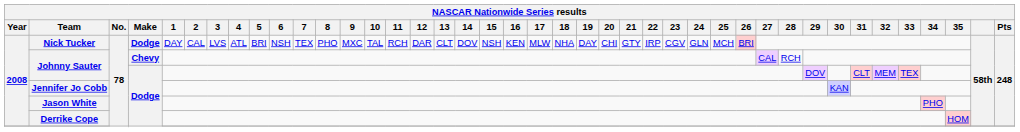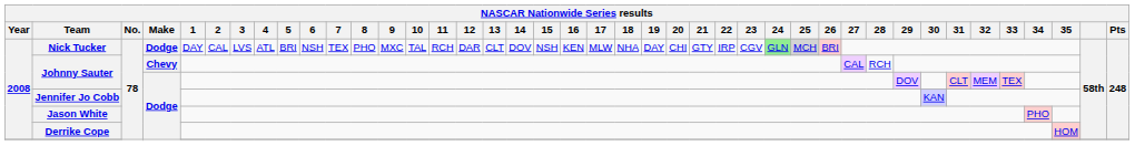 <table class="wikitable" style="text-align:center; font-size:75%">
 <tr>
 <th colspan=42><a href='#'>NASCAR Nationwide Series</a> results</th>
 </tr>
 <tr>
 <th>Year</th>
 <th>Team</th>
 <th>No.</th>
 <th>Make</th>
 <th>1</th>
 <th>2</th>
 <th>3</th>
 <th>4</th>
 <th>5</th>
 <th>6</th>
 <th>7</th>
 <th>8</th>
 <th>9</th>
 <th>10</th>
 <th>11</th>
 <th>12</th>
 <th>13</th>
 <th>14</th>
 <th>15</th>
 <th>16</th>
 <th>17</th>
 <th>18</th>
 <th>19</th>
 <th>20</th>
 <th>21</th>
 <th>22</th>
 <th>23</th>
 <th>24</th>
 <th>25</th>
 <th>26</th>
 <th>27</th>
 <th>28</th>
 <th>29</th>
 <th>30</th>
 <th>31</th>
 <th>32</th>
 <th>33</th>
 <th>34</th>
 <th>35</th>
 <th></th>
 <th>Pts</th>
 </tr>
 <tr>
 <th rowspan=6><a href='#'>2008</a></th>
 <th><a href='#'>Nick Tucker</a></th>
 <th rowspan=8>78</th>
 <th><a href='#'>Dodge</a></th>
 <td><a href='#'>DAY</a></td>
 <td><a href='#'>CAL</a></td>
 <td><a href='#'>LVS</a></td>
 <td><a href='#'>ATL</a></td>
 <td><a href='#'>BRI</a></td>
 <td><a href='#'>NSH</a></td>
 <td><a href='#'>TEX</a></td>
 <td><a href='#'>PHO</a></td>
 <td><a href='#'>MXC</a></td>
 <td><a href='#'>TAL</a></td>
 <td><a href='#'>RCH</a></td>
 <td><a href='#'>DAR</a></td>
 <td><a href='#'>CLT</a></td>
 <td><a href='#'>DOV</a></td>
 <td><a href='#'>NSH</a></td>
 <td><a href='#'>KEN</a></td>
 <td><a href='#'>MLW</a></td>
 <td><a href='#'>NHA</a></td>
 <td><a href='#'>DAY</a></td>
 <td><a href='#'>CHI</a></td>
 <td><a href='#'>GTY</a></td>
 <td><a href='#'>IRP</a></td>
 <td><a href='#'>CGV</a></td>
-<td><a href='#'>GLN</a></td>
-<td><a href='#'>MCH</a></td>
+<td style="background: lightgreen;"><a href='#'>GLN</a></td>
+<td style="background: lightgrey;"><a href='#'>MCH</a></td>
 <td style="background:#FFCFCF;"><a href='#'>BRI</a><br></td>
 <td colspan=9></td>
 <th rowspan=6>58th</th>
 <th rowspan=6>248</th>
 </tr>
 <tr>
 <th rowspan=2><a href='#'>Johnny Sauter</a></th>
 <th><a href='#'>Chevy</a></th>
 <td colspan=26></td>
 <td style="background:#EFCFFF;"><a href='#'>CAL</a><br></td>
 <td><a href='#'>RCH</a></td>
 <td colspan=7></td>
 </tr>
 <tr>
 <th rowspan=6><a href='#'>Dodge</a></th>
 <td colspan=28></td>
 <td style="background:#EFCFFF;"><a href='#'>DOV</a><br></td>
 <td></td>
 <td style="background:#FFCFCF;"><a href='#'>CLT</a><br></td>
 <td style="background:#EFCFFF;"><a href='#'>MEM</a><br></td>
 <td style="background:#FFCFCF;"><a href='#'>TEX</a><br></td>
 <td colspan=2></td>
 </tr>
 <tr>
 <th nowrap><a href='#'>Jennifer Jo Cobb</a></th>
 <td colspan=29></td>
 <td style="background:#CFCFFF;"><a href='#'>KAN</a><br></td>
 <td colspan=5></td>
 </tr>
 <tr>
 <th><a href='#'>Jason White</a></th>
 <td colspan=33></td>
 <td style="background:#FFCFCF;"><a href='#'>PHO</a><br></td>
 <td></td>
 </tr>
 <tr>
 <th><a href='#'>Derrike Cope</a></th>
 <td colspan=34></td>
 <td style="background:#FFCFCF;"><a href='#'>HOM</a><br></td>
 </tr>
 <tr>
 </tr>
 </table>
